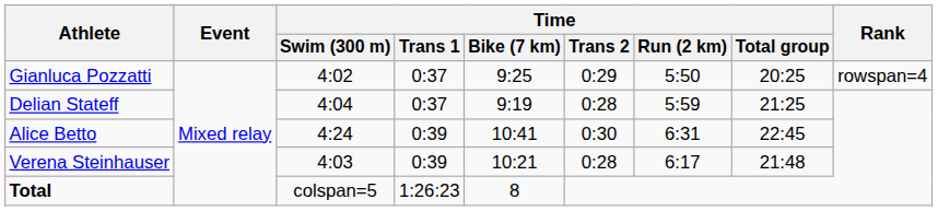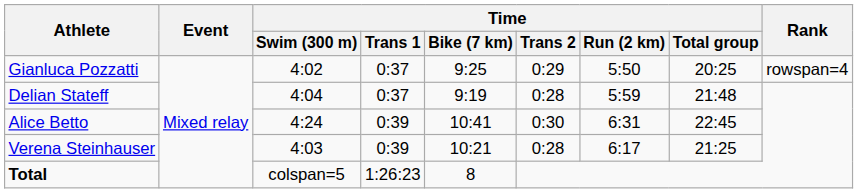 <table class="wikitable" style="font-size:90%">
 <tr>
 <th rowspan=2>Athlete</th>
 <th rowspan=2>Event</th>
 <th colspan=6>Time</th>
 <th rowspan=2>Rank</th>
 </tr>
 <tr style="font-size:95%">
 <th>Swim (300 m)</th>
 <th>Trans 1</th>
 <th>Bike (7 km)</th>
 <th>Trans 2</th>
 <th>Run (2 km)</th>
 <th>Total group</th>
 </tr>
 <tr align=center>
 <td align=left><a href='#'>Gianluca Pozzatti</a></td>
 <td align=left rowspan=5><a href='#'>Mixed relay</a></td>
 <td>4:02</td>
 <td>0:37</td>
 <td>9:25</td>
 <td>0:29</td>
 <td>5:50</td>
 <td>20:25</td>
 <td>rowspan=4 </td>
 </tr>
 <tr align=center>
 <td align=left><a href='#'>Delian Stateff</a></td>
 <td>4:04</td>
 <td>0:37</td>
 <td>9:19</td>
 <td>0:28</td>
 <td>5:59</td>
-<td>21:25</td>
+<td>21:48</td>
 </tr>
 <tr align=center>
 <td align=left><a href='#'>Alice Betto</a></td>
 <td>4:24</td>
 <td>0:39</td>
 <td>10:41</td>
 <td>0:30</td>
 <td>6:31</td>
 <td>22:45</td>
 </tr>
 <tr align=center>
 <td align=left><a href='#'>Verena Steinhauser</a></td>
 <td>4:03</td>
 <td>0:39</td>
 <td>10:21</td>
 <td>0:28</td>
 <td>6:17</td>
-<td>21:48</td>
+<td>21:25</td>
 </tr>
 <tr align=center>
 <td align=left><strong>Total</strong></td>
 <td>colspan=5 </td>
 <td>1:26:23</td>
 <td>8</td>
 </tr>
 </table>
